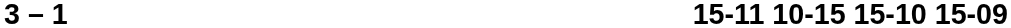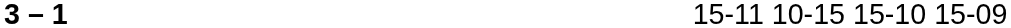 <table width=100% cellspacing=1>
 <tr>
 <th width=20%></th>
 <th width=12%></th>
 <th width=20%></th>
 <th width=33%></th>
 <td></td>
 </tr>
 <tr style=font-size:90%>
 <td align=right></td>
 <td align=center><strong>3 – 1</strong></td>
 <td></td>
-<td><strong>15-11 10-15 15-10 15-09</strong></td>
+<td>15-11 10-15 15-10 15-09</td>
 </tr>
 </table>
